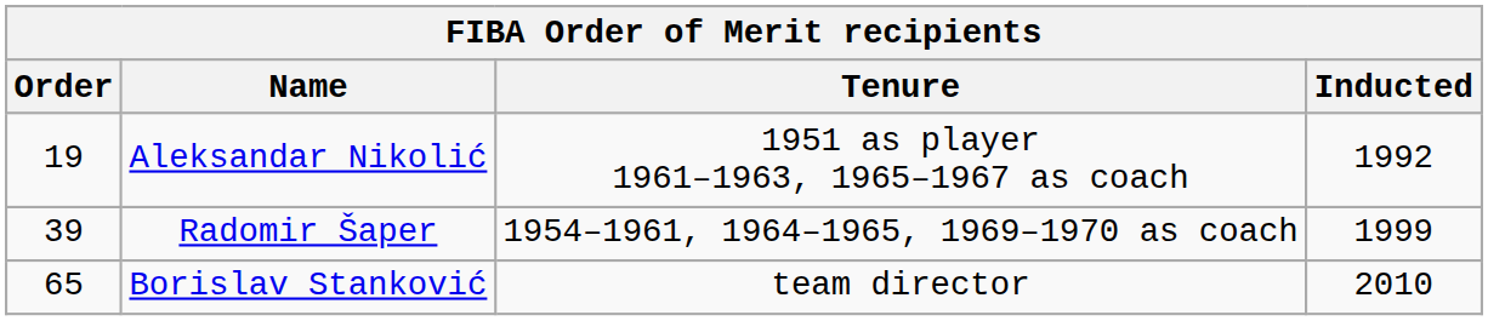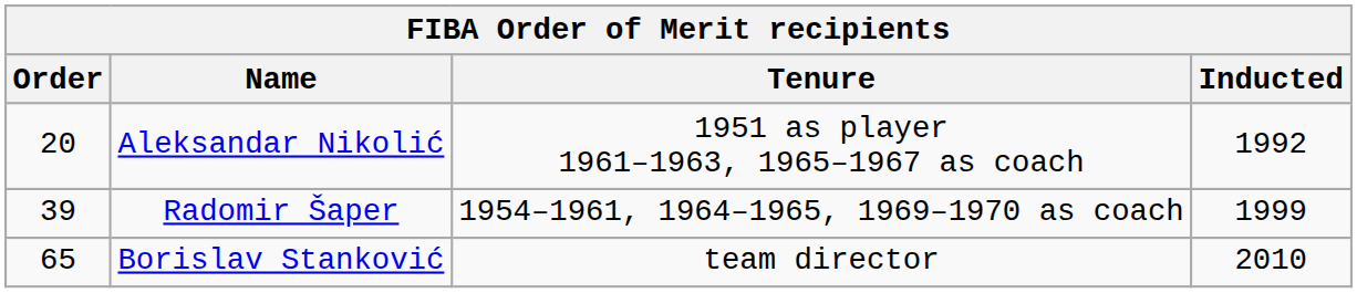 <table class="wikitable" style="text-align:center">
 <tr>
 <th colspan="5">FIBA Order of Merit recipients</th>
 </tr>
 <tr>
 <th>Order</th>
 <th>Name</th>
 <th>Tenure</th>
 <th>Inducted</th>
 </tr>
 <tr>
-<td>19</td>
+<td>20</td>
 <td><a href='#'>Aleksandar Nikolić</a></td>
 <td>1951 as player<br>1961–1963, 1965–1967 as coach</td>
 <td>1992</td>
 </tr>
 <tr>
 <td>39</td>
 <td><a href='#'>Radomir Šaper</a></td>
 <td>1954–1961, 1964–1965, 1969–1970 as coach</td>
 <td>1999</td>
 </tr>
 <tr>
 <td>65</td>
 <td><a href='#'>Borislav Stanković</a></td>
 <td>team director</td>
 <td>2010</td>
 </tr>
 </table>
